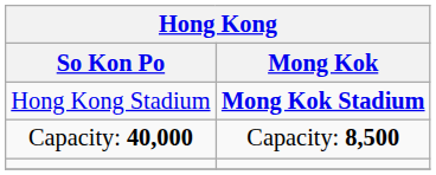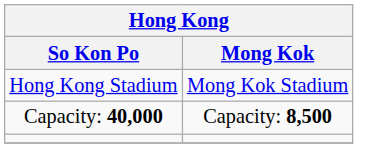 <table class="wikitable" style="text-align:center">
 <tr>
 <th colspan="2"><a href='#'>Hong Kong</a></th>
 </tr>
 <tr>
 <th><a href='#'>So Kon Po</a></th>
 <th><a href='#'>Mong Kok</a></th>
 </tr>
 <tr>
 <td><a href='#'>Hong Kong Stadium</a></td>
-<td><strong><a href='#'>Mong Kok Stadium</a></strong></td>
+<td><a href='#'>Mong Kok Stadium</a></td>
 </tr>
 <tr>
 <td>Capacity: <strong>40,000</strong></td>
 <td>Capacity: <strong>8,500</strong></td>
 </tr>
 <tr>
 <td></td>
 <td></td>
 </tr>
 <tr>
 </tr>
 </table>
